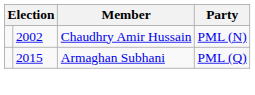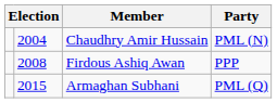 <table class="wikitable">
 <tr>
 <th colspan="2">Election</th>
 <th>Member</th>
 <th>Party</th>
 </tr>
 <tr>
 <td style="background-color: "></td>
-<td><a href='#'>2002</a></td>
+<td><a href='#'>2004</a></td>
 <td><a href='#'>Chaudhry Amir Hussain</a></td>
 <td><a href='#'>PML (N)</a></td>
+</tr>
+<tr>
+<td style="background-color: "></td>
+<td><a href='#'>2008</a></td>
+<td><a href='#'>Firdous Ashiq Awan</a></td>
+<td><a href='#'>PPP</a></td>
 </tr>
 <tr>
 <td style="background-color: "></td>
 <td><a href='#'>2015</a></td>
 <td><a href='#'>Armaghan Subhani</a></td>
 <td><a href='#'>PML (Q)</a></td>
 </tr>
 </table>
